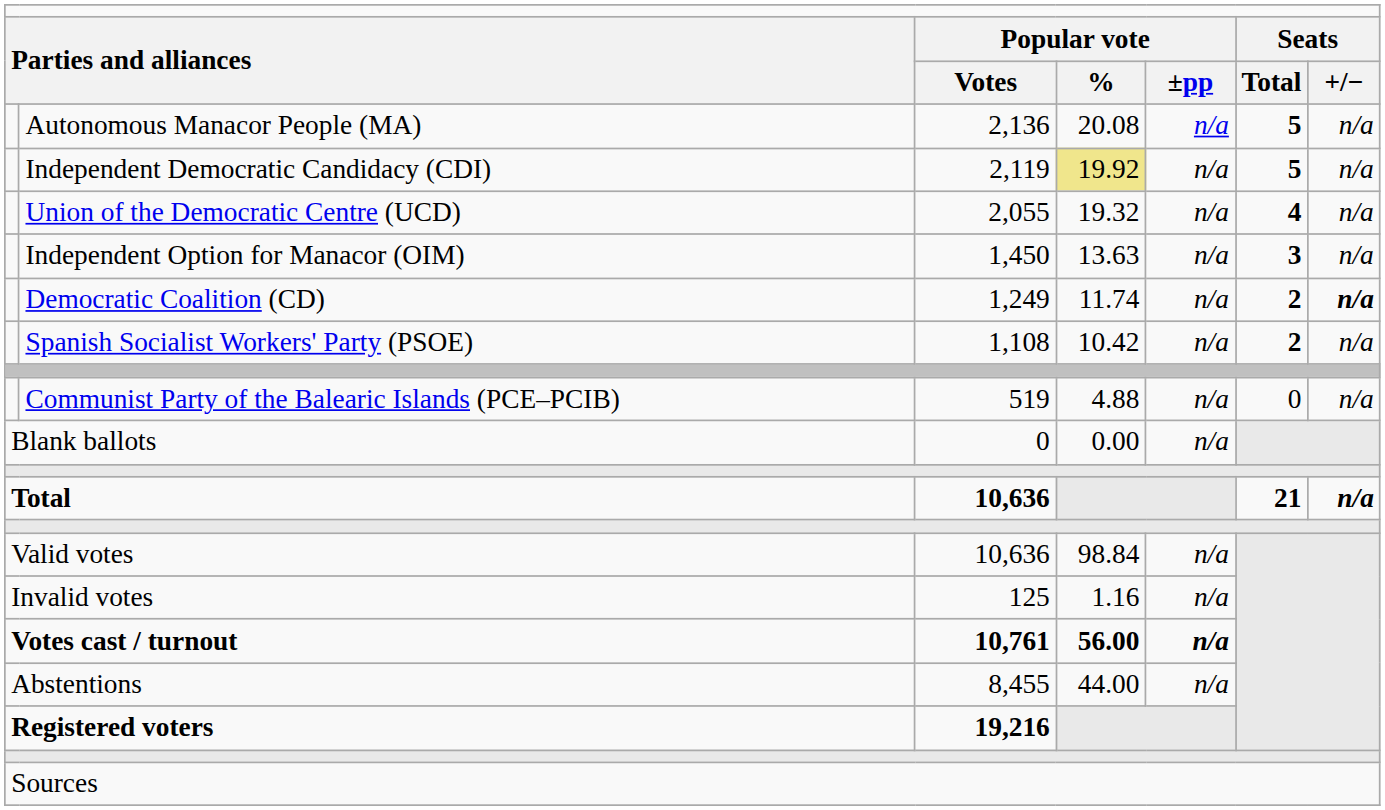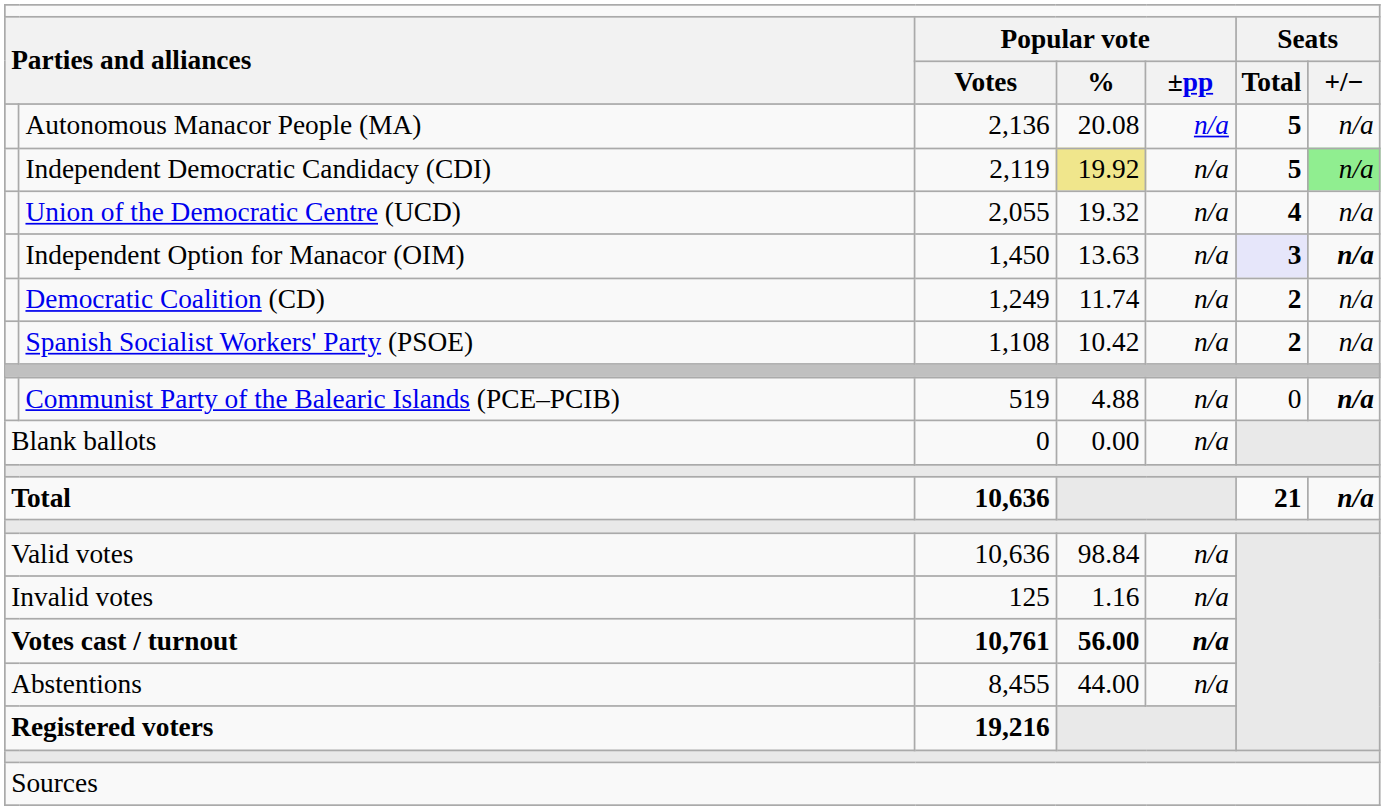 <table class="wikitable" style="text-align:right;">
 <tr>
 <td colspan="7"></td>
 </tr>
 <tr>
 <th style="text-align:left;" rowspan="2" colspan="2" width="525">Parties and alliances</th>
 <th colspan="3">Popular vote</th>
 <th colspan="2">Seats</th>
 </tr>
 <tr>
 <th width="75">Votes</th>
 <th width="45">%</th>
 <th width="45">±<a href='#'>pp</a></th>
 <th width="35">Total</th>
 <th width="35">+/−</th>
 </tr>
 <tr>
 <td width="1" style="color:inherit;background:"></td>
 <td align="left">Autonomous Manacor People (MA)</td>
 <td>2,136</td>
 <td>20.08</td>
 <td><em><a href='#'>n/a</a></em></td>
 <td><strong>5</strong></td>
 <td><em>n/a</em></td>
 </tr>
 <tr>
 <td style="color:inherit;background:"></td>
 <td align="left">Independent Democratic Candidacy (CDI)</td>
 <td>2,119</td>
 <td style="background: khaki;">19.92</td>
 <td><em>n/a</em></td>
 <td><strong>5</strong></td>
-<td><em>n/a</em></td>
+<td style="background: lightgreen;"><em>n/a</em></td>
 </tr>
 <tr>
 <td style="color:inherit;background:"></td>
 <td align="left"><a href='#'>Union of the Democratic Centre</a> (UCD)</td>
 <td>2,055</td>
 <td>19.32</td>
 <td><em>n/a</em></td>
 <td><strong>4</strong></td>
 <td><em>n/a</em></td>
 </tr>
 <tr>
 <td style="color:inherit;background:"></td>
 <td align="left">Independent Option for Manacor (OIM)</td>
 <td>1,450</td>
 <td>13.63</td>
 <td><em>n/a</em></td>
-<td><strong>3</strong></td>
-<td><em>n/a</em></td>
+<td style="background: lavender;"><strong>3</strong></td>
+<td><strong><em>n/a</em></strong></td>
 </tr>
 <tr>
 <td style="color:inherit;background:"></td>
 <td align="left"><a href='#'>Democratic Coalition</a> (CD)</td>
 <td>1,249</td>
 <td>11.74</td>
 <td><em>n/a</em></td>
 <td><strong>2</strong></td>
-<td><strong><em>n/a</em></strong></td>
+<td><em>n/a</em></td>
 </tr>
 <tr>
 <td style="color:inherit;background:"></td>
 <td align="left"><a href='#'>Spanish Socialist Workers' Party</a> (PSOE)</td>
 <td>1,108</td>
 <td>10.42</td>
 <td><em>n/a</em></td>
 <td><strong>2</strong></td>
 <td><em>n/a</em></td>
 </tr>
 <tr>
 <td colspan="7" bgcolor="#C0C0C0"></td>
 </tr>
 <tr>
 <td style="color:inherit;background:"></td>
 <td align="left"><a href='#'>Communist Party of the Balearic Islands</a> (PCE–PCIB)</td>
 <td>519</td>
 <td>4.88</td>
 <td><em>n/a</em></td>
 <td>0</td>
-<td><em>n/a</em></td>
+<td><strong><em>n/a</em></strong></td>
 </tr>
 <tr>
 <td align="left" colspan="2">Blank ballots</td>
 <td>0</td>
 <td>0.00</td>
 <td><em>n/a</em></td>
 <td bgcolor="#E9E9E9" colspan="2"></td>
 </tr>
 <tr>
 <td colspan="7" bgcolor="#E9E9E9"></td>
 </tr>
 <tr style="font-weight:bold;">
 <td align="left" colspan="2">Total</td>
 <td>10,636</td>
 <td bgcolor="#E9E9E9" colspan="2"></td>
 <td>21</td>
 <td><em>n/a</em></td>
 </tr>
 <tr>
 <td colspan="7" bgcolor="#E9E9E9"></td>
 </tr>
 <tr>
 <td align="left" colspan="2">Valid votes</td>
 <td>10,636</td>
 <td>98.84</td>
 <td><em>n/a</em></td>
 <td bgcolor="#E9E9E9" colspan="2" rowspan="5"></td>
 </tr>
 <tr>
 <td align="left" colspan="2">Invalid votes</td>
 <td>125</td>
 <td>1.16</td>
 <td><em>n/a</em></td>
 </tr>
 <tr style="font-weight:bold;">
 <td align="left" colspan="2">Votes cast / turnout</td>
 <td>10,761</td>
 <td>56.00</td>
 <td><em>n/a</em></td>
 </tr>
 <tr>
 <td align="left" colspan="2">Abstentions</td>
 <td>8,455</td>
 <td>44.00</td>
 <td><em>n/a</em></td>
 </tr>
 <tr style="font-weight:bold;">
 <td align="left" colspan="2">Registered voters</td>
 <td>19,216</td>
 <td bgcolor="#E9E9E9" colspan="2"></td>
 </tr>
 <tr>
 <td colspan="7" bgcolor="#E9E9E9"></td>
 </tr>
 <tr>
 <td align="left" colspan="7">Sources</td>
 </tr>
 </table>
